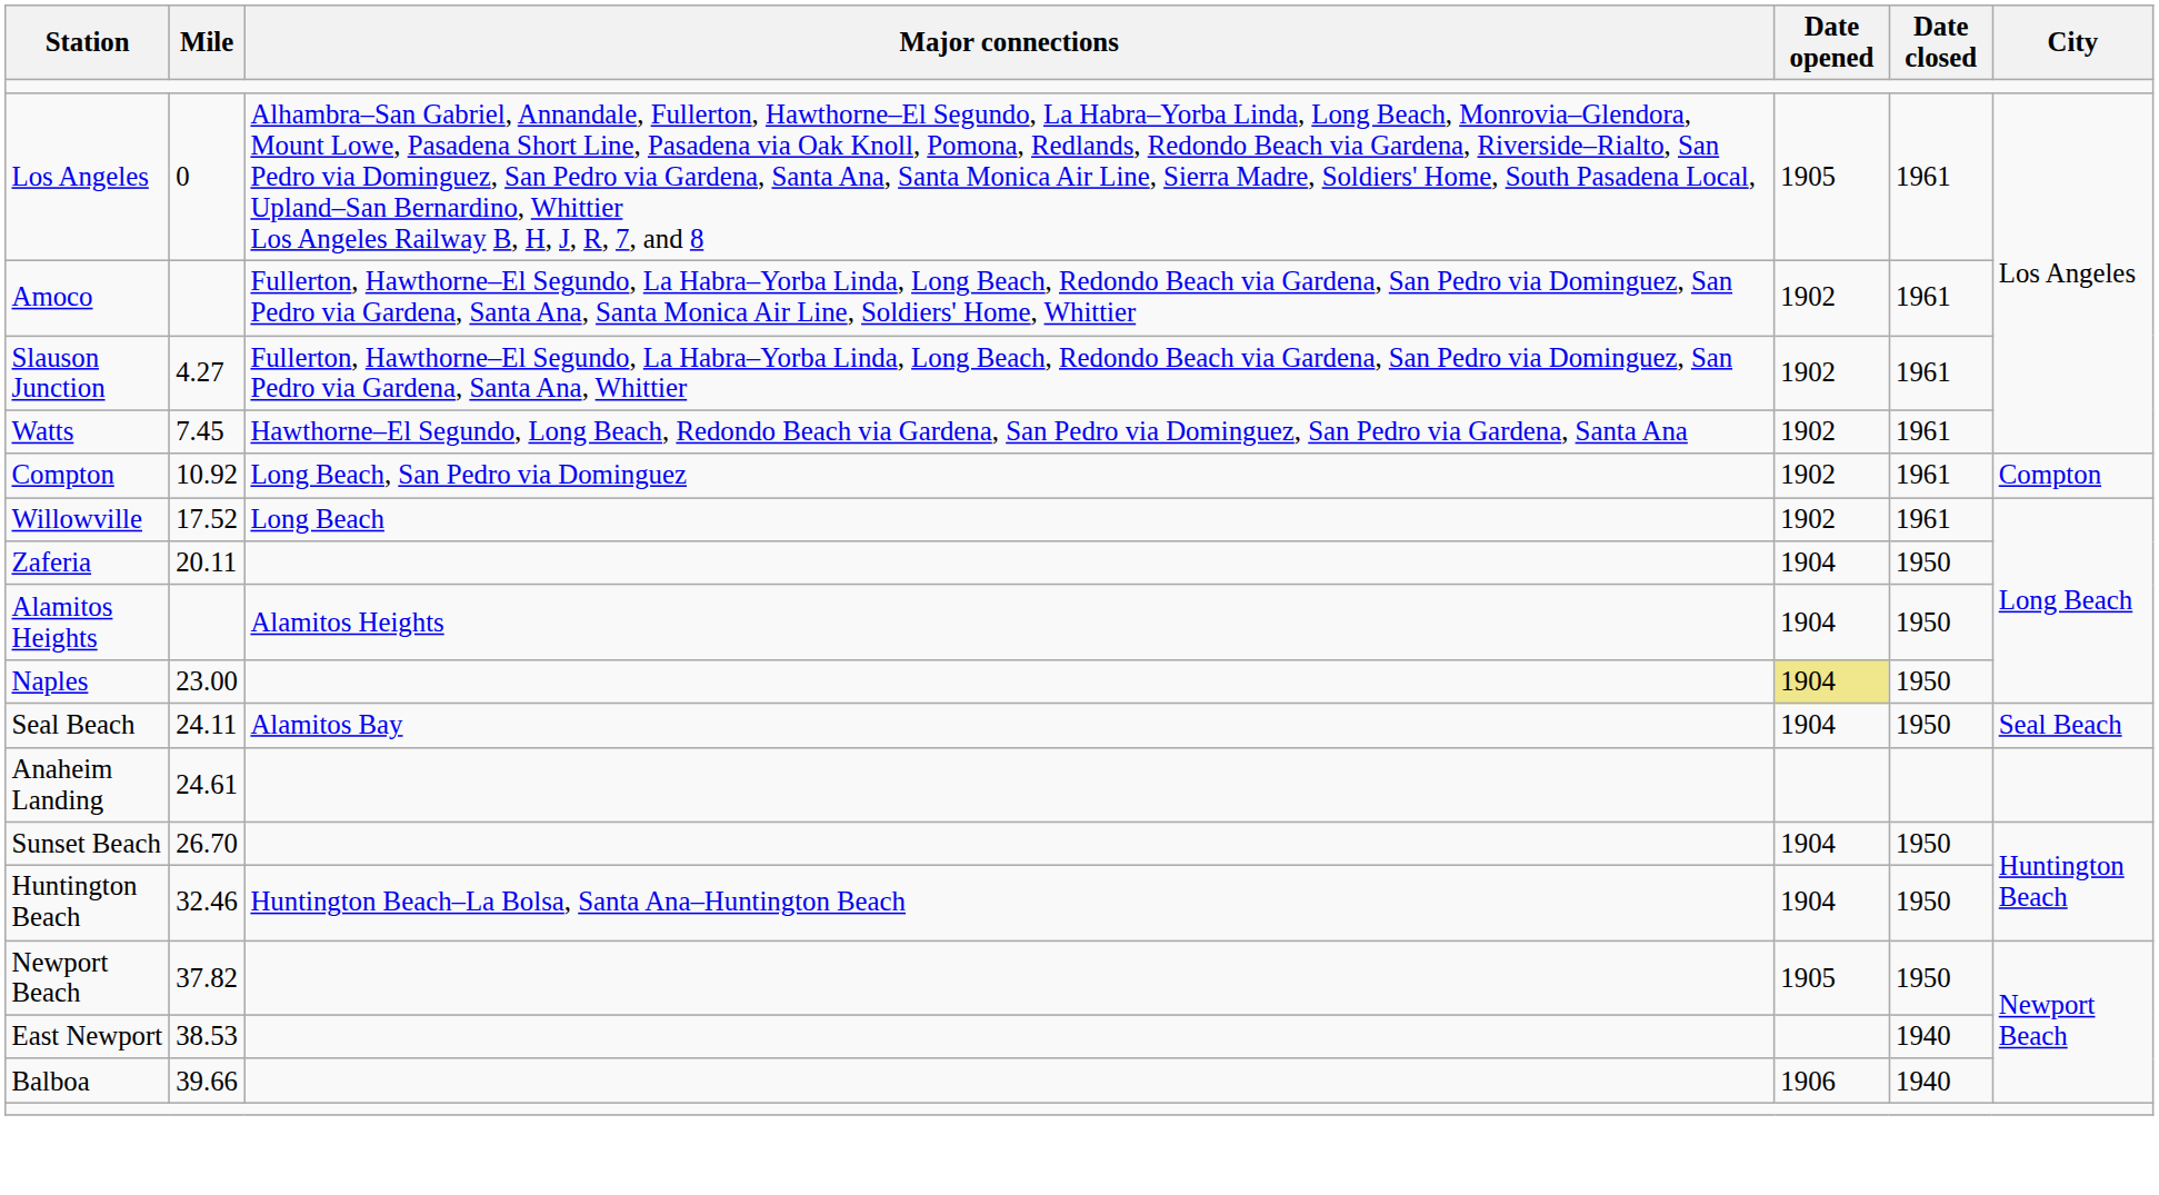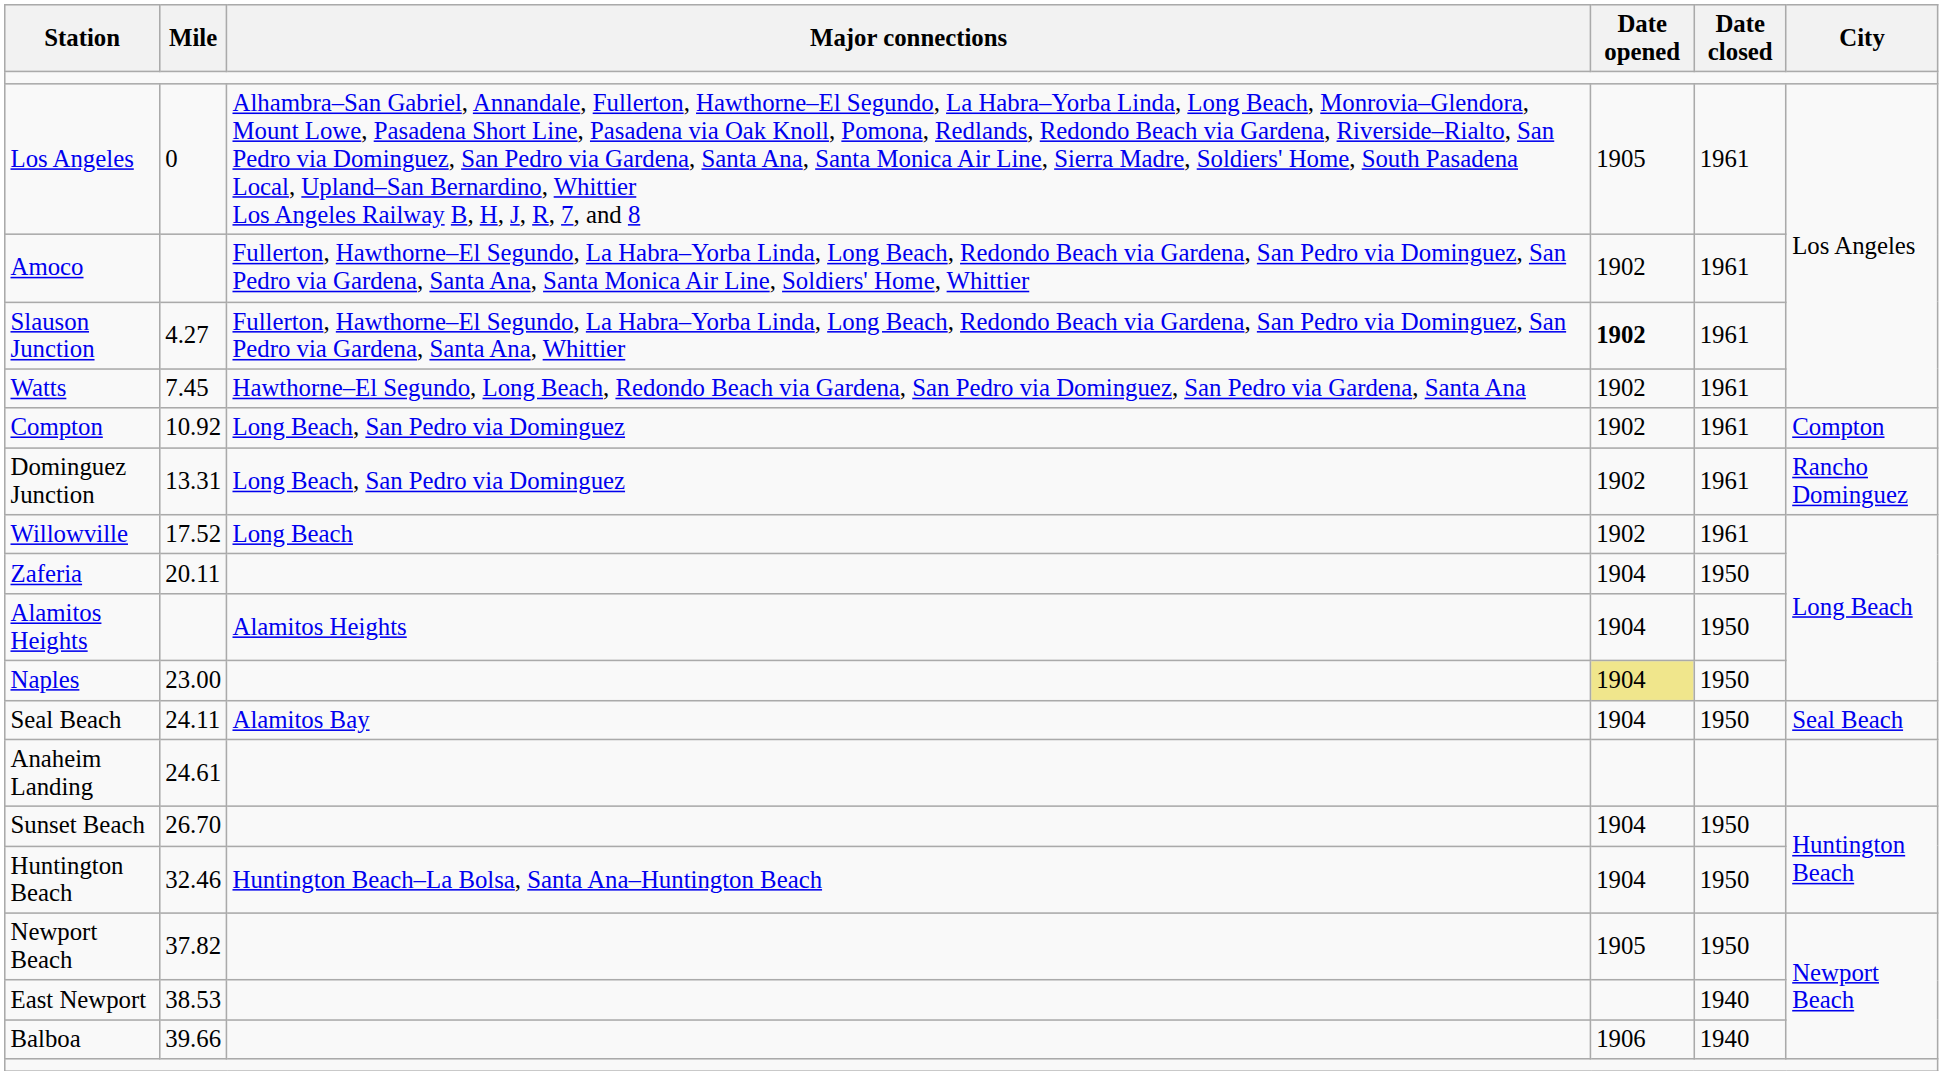 <table class="wikitable">
 <tr>
 <th>Station</th>
 <th>Mile</th>
 <th>Major connections</th>
 <th>Date opened</th>
 <th>Date closed</th>
 <th>City</th>
 </tr>
 <tr>
 <td colspan = "6"></td>
 </tr>
 <tr>
 <td><a href='#'>Los Angeles<br></a></td>
 <td>0</td>
 <td><a href='#'>Alhambra–San Gabriel</a>, <a href='#'>Annandale</a>, <a href='#'>Fullerton</a>, <a href='#'>Hawthorne–El Segundo</a>, <a href='#'>La Habra–Yorba Linda</a>, <a href='#'>Long Beach</a>, <a href='#'>Monrovia–Glendora</a>, <a href='#'>Mount Lowe</a>, <a href='#'>Pasadena Short Line</a>, <a href='#'>Pasadena via Oak Knoll</a>, <a href='#'>Pomona</a>, <a href='#'>Redlands</a>, <a href='#'>Redondo Beach via Gardena</a>, <a href='#'>Riverside–Rialto</a>, <a href='#'>San Pedro via Dominguez</a>, <a href='#'>San Pedro via Gardena</a>, <a href='#'>Santa Ana</a>, <a href='#'>Santa Monica Air Line</a>, <a href='#'>Sierra Madre</a>, <a href='#'>Soldiers' Home</a>, <a href='#'>South Pasadena Local</a>, <a href='#'>Upland–San Bernardino</a>, <a href='#'>Whittier</a><br><a href='#'>Los Angeles Railway</a> <a href='#'>B</a>, <a href='#'>H</a>, <a href='#'>J</a>, <a href='#'>R</a>, <a href='#'>7</a>, and <a href='#'>8</a></td>
 <td>1905</td>
 <td>1961</td>
 <td rowspan=4>Los Angeles</td>
 </tr>
 <tr>
 <td><a href='#'>Amoco</a></td>
 <td></td>
 <td><a href='#'>Fullerton</a>, <a href='#'>Hawthorne–El Segundo</a>, <a href='#'>La Habra–Yorba Linda</a>, <a href='#'>Long Beach</a>, <a href='#'>Redondo Beach via Gardena</a>, <a href='#'>San Pedro via Dominguez</a>, <a href='#'>San Pedro via Gardena</a>, <a href='#'>Santa Ana</a>, <a href='#'>Santa Monica Air Line</a>, <a href='#'>Soldiers' Home</a>, <a href='#'>Whittier</a></td>
 <td>1902</td>
 <td>1961</td>
 </tr>
 <tr>
 <td><a href='#'>Slauson Junction</a></td>
 <td>4.27</td>
 <td><a href='#'>Fullerton</a>, <a href='#'>Hawthorne–El Segundo</a>, <a href='#'>La Habra–Yorba Linda</a>, <a href='#'>Long Beach</a>, <a href='#'>Redondo Beach via Gardena</a>, <a href='#'>San Pedro via Dominguez</a>, <a href='#'>San Pedro via Gardena</a>, <a href='#'>Santa Ana</a>, <a href='#'>Whittier</a></td>
-<td>1902</td>
+<td><strong>1902</strong></td>
 <td>1961</td>
 </tr>
 <tr>
 <td><a href='#'>Watts</a></td>
 <td>7.45</td>
 <td><a href='#'>Hawthorne–El Segundo</a>, <a href='#'>Long Beach</a>, <a href='#'>Redondo Beach via Gardena</a>, <a href='#'>San Pedro via Dominguez</a>, <a href='#'>San Pedro via Gardena</a>, <a href='#'>Santa Ana</a></td>
 <td>1902</td>
 <td>1961</td>
 </tr>
 <tr>
 <td><a href='#'>Compton</a></td>
 <td>10.92</td>
 <td><a href='#'>Long Beach</a>, <a href='#'>San Pedro via Dominguez</a></td>
 <td>1902</td>
 <td>1961</td>
 <td rowspan=1><a href='#'>Compton</a></td>
+</tr>
+<tr>
+<td>Dominguez Junction</td>
+<td>13.31</td>
+<td><a href='#'>Long Beach</a>, <a href='#'>San Pedro via Dominguez</a></td>
+<td>1902</td>
+<td>1961</td>
+<td rowspan=1><a href='#'>Rancho Dominguez</a></td>
 </tr>
 <tr>
 <td><a href='#'>Willowville</a></td>
 <td>17.52</td>
 <td><a href='#'>Long Beach</a></td>
 <td>1902</td>
 <td>1961</td>
 <td rowspan=4><a href='#'>Long Beach</a></td>
 </tr>
 <tr>
 <td><a href='#'>Zaferia</a></td>
 <td>20.11</td>
 <td></td>
 <td>1904</td>
 <td>1950</td>
 </tr>
 <tr>
 <td><a href='#'>Alamitos Heights</a></td>
 <td></td>
 <td><a href='#'>Alamitos Heights</a></td>
 <td>1904</td>
 <td>1950</td>
 </tr>
 <tr>
 <td><a href='#'>Naples</a></td>
 <td>23.00</td>
 <td></td>
 <td style="background: khaki;">1904</td>
 <td>1950</td>
 </tr>
 <tr>
 <td>Seal Beach</td>
 <td>24.11</td>
 <td><a href='#'>Alamitos Bay</a></td>
 <td>1904</td>
 <td>1950</td>
 <td rowspan=1><a href='#'>Seal Beach</a></td>
 </tr>
 <tr>
 <td>Anaheim Landing</td>
 <td>24.61</td>
 <td></td>
 <td></td>
 <td></td>
 </tr>
 <tr>
 <td>Sunset Beach</td>
 <td>26.70</td>
 <td></td>
 <td>1904</td>
 <td>1950</td>
 <td rowspan=2><a href='#'>Huntington Beach</a></td>
 </tr>
 <tr>
 <td>Huntington Beach</td>
 <td>32.46</td>
 <td><a href='#'>Huntington Beach–La Bolsa</a>, <a href='#'>Santa Ana–Huntington Beach</a></td>
 <td>1904</td>
 <td>1950</td>
 </tr>
 <tr>
 <td>Newport Beach</td>
 <td>37.82</td>
 <td></td>
 <td>1905</td>
 <td>1950</td>
 <td rowspan=3><a href='#'>Newport Beach</a></td>
 </tr>
 <tr>
 <td>East Newport</td>
 <td>38.53</td>
 <td></td>
 <td></td>
 <td>1940</td>
 </tr>
 <tr>
 <td>Balboa</td>
 <td>39.66</td>
 <td></td>
 <td>1906</td>
 <td>1940</td>
 </tr>
 <tr>
 <td colspan = "6"></td>
 </tr>
 </table>
